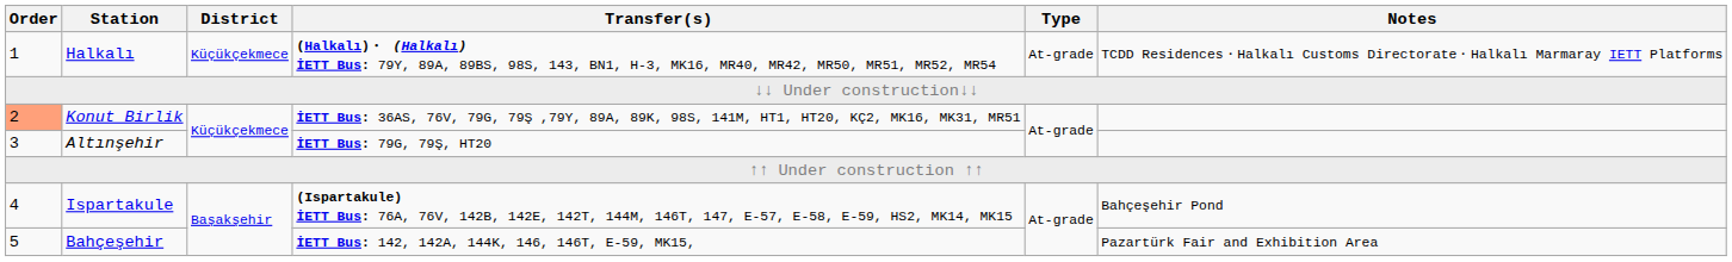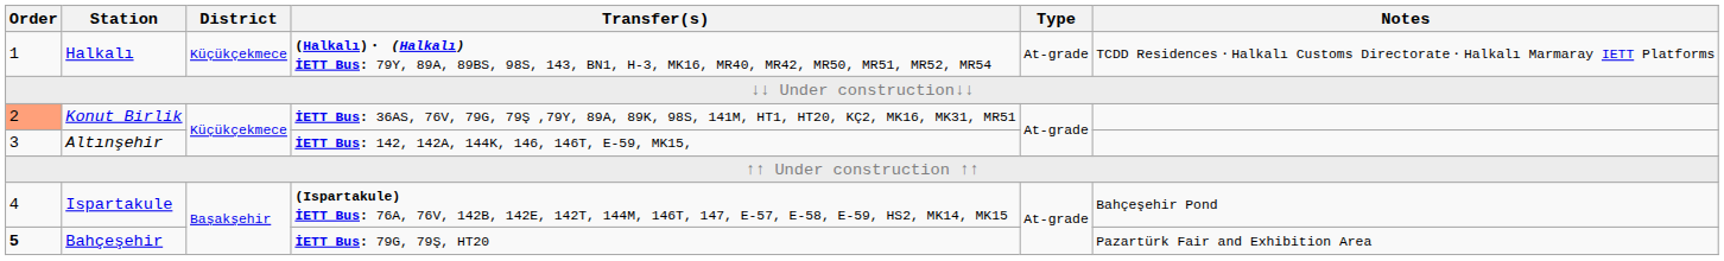 <table class="wikitable">
 <tr>
 <th>Order</th>
 <th>Station</th>
 <th>District</th>
 <th>Transfer(s)</th>
 <th>Type</th>
 <th>Notes</th>
 </tr>
 <tr>
 <td>1</td>
 <td><a href='#'>Halkalı</a></td>
 <td><small><a href='#'>Küçükçekmece</a></small></td>
 <td><small><strong></strong></small> <small><strong></strong></small> <small><strong></strong></small>  <small><strong>(<a href='#'>Halkalı</a>)・</strong></small>  <small><strong><em>(<a href='#'>Halkalı</a>)</em></strong></small><br><small><strong><a href='#'>İETT Bus</a>:</strong> 79Y, 89A, 89BS, 98S, 143, BN1, H-3, MK16, MR40, MR42, MR50, MR51, MR52, MR54</small></td>
 <td><small>At-grade</small></td>
 <td><small>TCDD Residences・</small><small>Halkalı Customs Directorate・</small><small>Halkalı Marmaray <a href='#'>IETT</a> Platforms</small></td>
 </tr>
 <tr>
 <td colspan="6" style="background: #ececec; color: grey; vertical-align: middle; text-align:center">↓↓ Under construction↓↓</td>
 </tr>
 <tr>
 <td style="background: lightsalmon;">2</td>
 <td><em><a href='#'>Konut Birlik</a></em></td>
 <td rowspan="2"><small><a href='#'>Küçükçekmece</a></small></td>
 <td><small><strong><a href='#'>İETT Bus</a>:</strong> 36AS, 76V, 79G, 79Ş ,79Y, 89A, 89K, 98S, 141M, HT1, HT20, KÇ2, MK16, MK31, MR51</small></td>
 <td rowspan="2"><small>At-grade</small></td>
 <td></td>
 </tr>
 <tr>
 <td>3</td>
 <td><em>Altınşehir</em></td>
-<td><small><strong><a href='#'>İETT Bus</a>:</strong> 79G, 79Ş, HT20</small></td>
+<td><small><strong><a href='#'>İETT Bus</a>:</strong> 142, 142A, 144K, 146, 146T, E-59, MK15,</small></td>
 <td></td>
 </tr>
 <tr>
 <td colspan="6" style="background: #ececec; color: grey; vertical-align: middle; text-align:center">↑↑ Under construction ↑↑</td>
 </tr>
 <tr>
 <td>4</td>
 <td><a href='#'>Ispartakule</a></td>
 <td rowspan="2"><small><a href='#'>Başakşehir</a></small></td>
 <td> <small><strong>(Ispartakule)</strong></small><br><small><strong><a href='#'>İETT Bus</a>:</strong> 76A, 76V, 142B, 142E, 142T, 144M, 146T, 147, E-57, E-58, E-59, HS2, MK14, MK15</small></td>
 <td rowspan="2"><small>At-grade</small></td>
 <td><small>Bahçeşehir Pond</small></td>
 </tr>
 <tr>
-<td>5</td>
+<td><strong>5</strong></td>
 <td><a href='#'>Bahçeşehir</a></td>
-<td><small><strong><a href='#'>İETT Bus</a>:</strong> 142, 142A, 144K, 146, 146T, E-59, MK15,</small></td>
+<td><small><strong><a href='#'>İETT Bus</a>:</strong> 79G, 79Ş, HT20</small></td>
 <td><small>Pazartürk Fair and Exhibition Area</small></td>
 </tr>
 </table>
